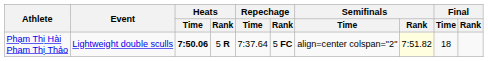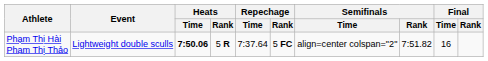 <table class="wikitable" style="font-size:90%">
 <tr>
 <th rowspan="2">Athlete</th>
 <th rowspan="2">Event</th>
 <th colspan="2">Heats</th>
 <th colspan="2">Repechage</th>
 <th colspan="2">Semifinals</th>
 <th colspan="2">Final</th>
 </tr>
 <tr style="font-size:95%">
 <th>Time</th>
 <th>Rank</th>
 <th>Time</th>
 <th>Rank</th>
 <th>Time</th>
 <th>Rank</th>
 <th>Time</th>
 <th>Rank</th>
 </tr>
 <tr align=center>
 <td align=left><a href='#'>Phạm Thị Hài</a><br><a href='#'>Phạm Thị Thảo</a></td>
 <td align=left><a href='#'>Lightweight double sculls</a></td>
 <td><strong>7:50.06</strong></td>
 <td>5 <strong>R</strong></td>
 <td>7:37.64</td>
 <td>5 <strong>FC</strong></td>
 <td>align=center colspan="2" </td>
-<td style="background: lightyellow;">7:51.82</td>
-<td>18</td>
+<td>7:51.82</td>
+<td>16</td>
 </tr>
 </table>
